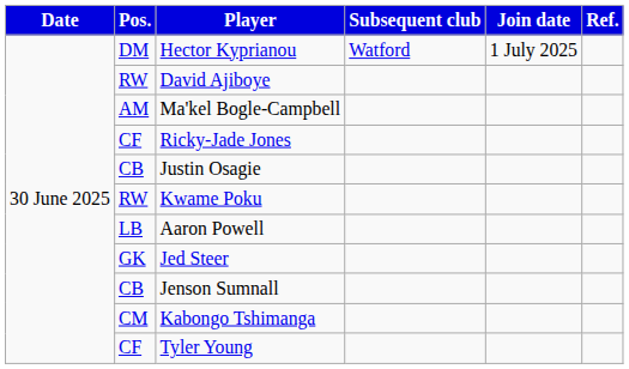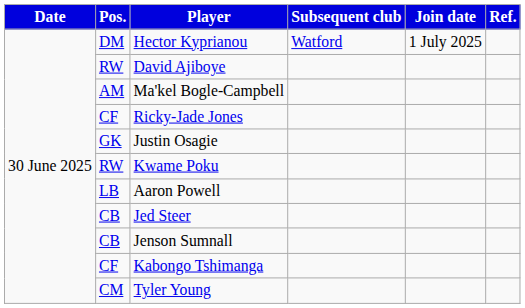 <table class="wikitable plainrowheaders sortable">
 <tr>
 <th style="color:#ffffff; background:#0000dd;">Date</th>
 <th style="color:#ffffff; background:#0000dd;">Pos.</th>
 <th style="color:#ffffff; background:#0000dd;">Player</th>
 <th style="color:#ffffff; background:#0000dd;">Subsequent club</th>
 <th style="color:#ffffff; background:#0000dd;">Join date</th>
 <th style="color:#ffffff; background:#0000dd;">Ref.</th>
 </tr>
 <tr>
 <td rowspan="11">30 June 2025</td>
 <td><a href='#'>DM</a></td>
 <td> <a href='#'>Hector Kyprianou</a></td>
 <td> <a href='#'>Watford</a></td>
 <td>1 July 2025</td>
 <td></td>
 </tr>
 <tr>
 <td><a href='#'>RW</a></td>
 <td> <a href='#'>David Ajiboye</a></td>
 <td></td>
 <td></td>
 <td></td>
 </tr>
 <tr>
 <td><a href='#'>AM</a></td>
 <td> Ma'kel Bogle-Campbell</td>
 <td></td>
 <td></td>
 <td></td>
 </tr>
 <tr>
 <td><a href='#'>CF</a></td>
 <td> <a href='#'>Ricky-Jade Jones</a></td>
 <td></td>
 <td></td>
 <td></td>
 </tr>
 <tr>
-<td><a href='#'>CB</a></td>
+<td><a href='#'>GK</a></td>
 <td> Justin Osagie</td>
 <td></td>
 <td></td>
 <td></td>
 </tr>
 <tr>
 <td><a href='#'>RW</a></td>
 <td> <a href='#'>Kwame Poku</a></td>
 <td></td>
 <td></td>
 <td></td>
 </tr>
 <tr>
 <td><a href='#'>LB</a></td>
 <td> Aaron Powell</td>
 <td></td>
 <td></td>
 <td></td>
 </tr>
 <tr>
-<td><a href='#'>GK</a></td>
+<td><a href='#'>CB</a></td>
 <td> <a href='#'>Jed Steer</a></td>
 <td></td>
 <td></td>
 <td></td>
 </tr>
 <tr>
 <td><a href='#'>CB</a></td>
 <td> Jenson Sumnall</td>
 <td></td>
 <td></td>
 <td></td>
 </tr>
 <tr>
-<td><a href='#'>CM</a></td>
+<td><a href='#'>CF</a></td>
 <td> <a href='#'>Kabongo Tshimanga</a></td>
 <td></td>
 <td></td>
 <td></td>
 </tr>
 <tr>
-<td><a href='#'>CF</a></td>
+<td><a href='#'>CM</a></td>
 <td> <a href='#'>Tyler Young</a></td>
 <td></td>
 <td></td>
 <td></td>
 </tr>
 </table>
